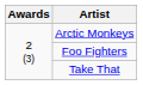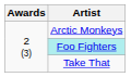 <table class="wikitable" rowspan="2" style="text-align:center;">
 <tr>
 <th scope="col" style="width:55px;">Awards</th>
 <th scope="col" style="text-align:center;">Artist</th>
 </tr>
 <tr>
 <td rowspan="3">2<br><small>(3)</small></td>
 <td><a href='#'>Arctic Monkeys</a></td>
 </tr>
 <tr>
-<td><a href='#'>Foo Fighters</a></td>
+<td style="background: paleturquoise;"><a href='#'>Foo Fighters</a></td>
 </tr>
 <tr>
 <td><a href='#'>Take That</a></td>
 </tr>
 </table>
